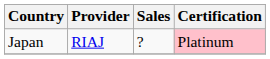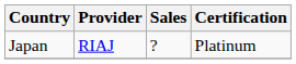 <table class="wikitable" border="1">
 <tr>
 <th>Country</th>
 <th>Provider</th>
 <th>Sales</th>
 <th>Certification</th>
 </tr>
 <tr>
 <td>Japan</td>
 <td><a href='#'>RIAJ</a></td>
 <td>?</td>
-<td style="background: pink;">Platinum</td>
+<td>Platinum</td>
 </tr>
 <tr>
 </tr>
 </table>
